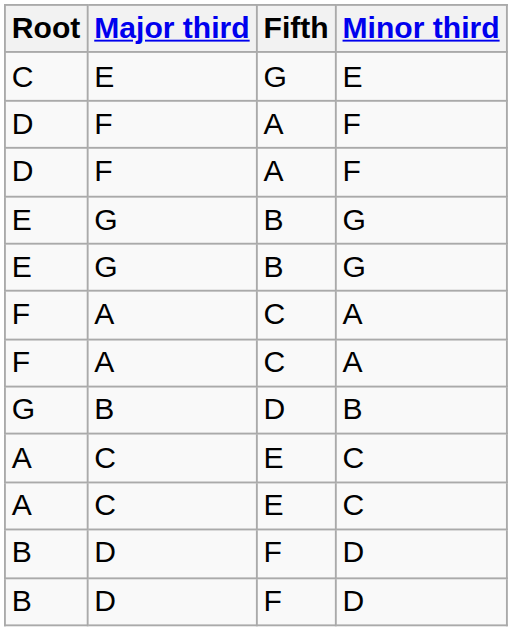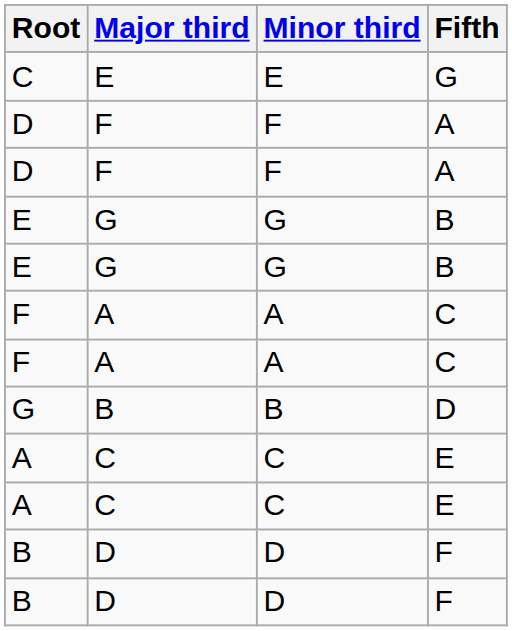 <table class="wikitable">
 <tr>
 <th>Root</th>
 <th><a href='#'>Major third</a></th>
+<th><a href='#'>Minor third</a></th>
 <th>Fifth</th>
-<th><a href='#'>Minor third</a></th>
 </tr>
 <tr>
 <td>C</td>
 <td>E</td>
+<td>E</td>
 <td>G</td>
-<td>E</td>
 </tr>
 <tr>
 <td>D</td>
 <td>F</td>
+<td>F</td>
 <td>A</td>
-<td>F</td>
 </tr>
 <tr>
 <td>D</td>
 <td>F</td>
+<td>F</td>
 <td>A</td>
-<td>F</td>
 </tr>
 <tr>
 <td>E</td>
 <td>G</td>
+<td>G</td>
 <td>B</td>
-<td>G</td>
 </tr>
 <tr>
 <td>E</td>
 <td>G</td>
+<td>G</td>
 <td>B</td>
-<td>G</td>
 </tr>
 <tr>
 <td>F</td>
 <td>A</td>
+<td>A</td>
 <td>C</td>
-<td>A</td>
 </tr>
 <tr>
 <td>F</td>
 <td>A</td>
+<td>A</td>
 <td>C</td>
-<td>A</td>
 </tr>
 <tr>
 <td>G</td>
 <td>B</td>
+<td>B</td>
 <td>D</td>
-<td>B</td>
 </tr>
 <tr>
 <td>A</td>
 <td>C</td>
+<td>C</td>
 <td>E</td>
-<td>C</td>
 </tr>
 <tr>
 <td>A</td>
 <td>C</td>
+<td>C</td>
 <td>E</td>
-<td>C</td>
 </tr>
 <tr>
 <td>B</td>
 <td>D</td>
+<td>D</td>
 <td>F</td>
-<td>D</td>
 </tr>
 <tr>
 <td>B</td>
 <td>D</td>
+<td>D</td>
 <td>F</td>
-<td>D</td>
 </tr>
 </table>
